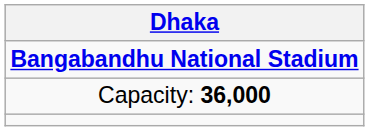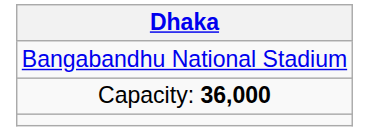 <table class="wikitable" style="text-align:center;margin:1em auto;">
 <tr>
 <th><a href='#'>Dhaka</a></th>
 </tr>
 <tr>
-<td><strong><a href='#'>Bangabandhu National Stadium</a></strong></td>
+<td><a href='#'>Bangabandhu National Stadium</a></td>
 </tr>
 <tr>
 <td>Capacity: <strong>36,000</strong></td>
 </tr>
 <tr>
 <td></td>
 </tr>
 </table>
